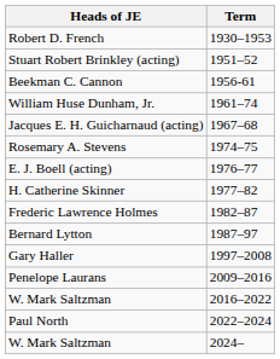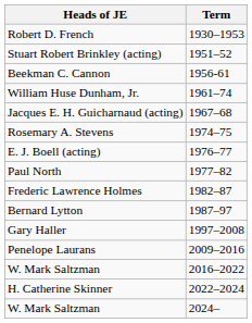 <table class="wikitable">
 <tr>
 <th>Heads of JE</th>
 <th>Term</th>
 </tr>
 <tr>
 <td>Robert D. French</td>
 <td>1930–1953</td>
 </tr>
 <tr>
 <td>Stuart Robert Brinkley (acting)</td>
 <td>1951–52</td>
 </tr>
 <tr>
 <td>Beekman C. Cannon</td>
 <td>1956-61</td>
 </tr>
 <tr>
 <td>William Huse Dunham, Jr.</td>
 <td>1961–74</td>
 </tr>
 <tr>
 <td>Jacques E. H. Guicharnaud (acting)</td>
 <td>1967–68</td>
 </tr>
 <tr>
 <td>Rosemary A. Stevens</td>
 <td>1974–75</td>
 </tr>
 <tr>
 <td>E. J. Boell (acting)</td>
 <td>1976–77</td>
 </tr>
 <tr>
-<td>H. Catherine Skinner</td>
+<td>Paul North</td>
 <td>1977–82</td>
 </tr>
 <tr>
 <td>Frederic Lawrence Holmes</td>
 <td>1982–87</td>
 </tr>
 <tr>
 <td>Bernard Lytton</td>
 <td>1987–97</td>
 </tr>
 <tr>
 <td>Gary Haller</td>
 <td>1997–2008</td>
 </tr>
 <tr>
 <td>Penelope Laurans</td>
 <td>2009–2016</td>
 </tr>
 <tr>
 <td>W. Mark Saltzman</td>
 <td>2016–2022</td>
 </tr>
 <tr>
-<td>Paul North</td>
+<td>H. Catherine Skinner</td>
 <td>2022–2024</td>
 </tr>
 <tr>
 <td>W. Mark Saltzman</td>
 <td>2024–</td>
 </tr>
 </table>
